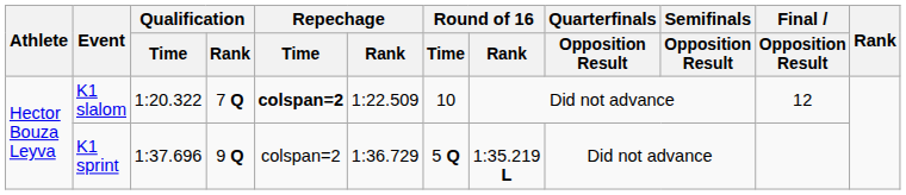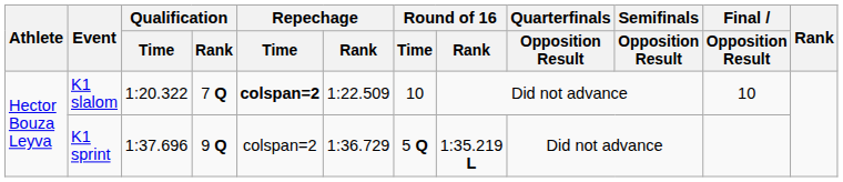 <table class="wikitable" style="font-size:90%;">
 <tr>
 <th rowspan=2>Athlete</th>
 <th rowspan=2>Event</th>
 <th colspan=2>Qualification</th>
 <th colspan=2>Repechage</th>
 <th colspan=2>Round of 16</th>
 <th>Quarterfinals</th>
 <th>Semifinals</th>
 <th>Final / </th>
 <th rowspan=2>Rank</th>
 </tr>
 <tr style="font-size:95%">
 <th>Time</th>
 <th>Rank</th>
 <th>Time</th>
 <th>Rank</th>
 <th>Time</th>
 <th>Rank</th>
 <th>Opposition <br>Result</th>
 <th>Opposition <br>Result</th>
 <th>Opposition <br>Result</th>
 </tr>
 <tr align=center>
 <td rowspan=2 align=left><a href='#'>Hector Bouza Leyva</a></td>
 <td align=left><a href='#'>K1 slalom</a></td>
 <td>1:20.322</td>
 <td>7 <strong>Q</strong></td>
 <td><strong>colspan=2 </strong></td>
 <td>1:22.509</td>
 <td>10</td>
 <td colspan=3>Did not advance</td>
-<td>12</td>
+<td>10</td>
 </tr>
 <tr align=center>
 <td align=left><a href='#'>K1 sprint</a></td>
 <td>1:37.696</td>
 <td>9 <strong>Q</strong></td>
 <td>colspan=2 </td>
 <td>1:36.729</td>
 <td>5 <strong>Q</strong></td>
 <td><br>1:35.219 <strong>L</strong></td>
 <td colspan=2>Did not advance</td>
 <td></td>
 </tr>
 </table>
